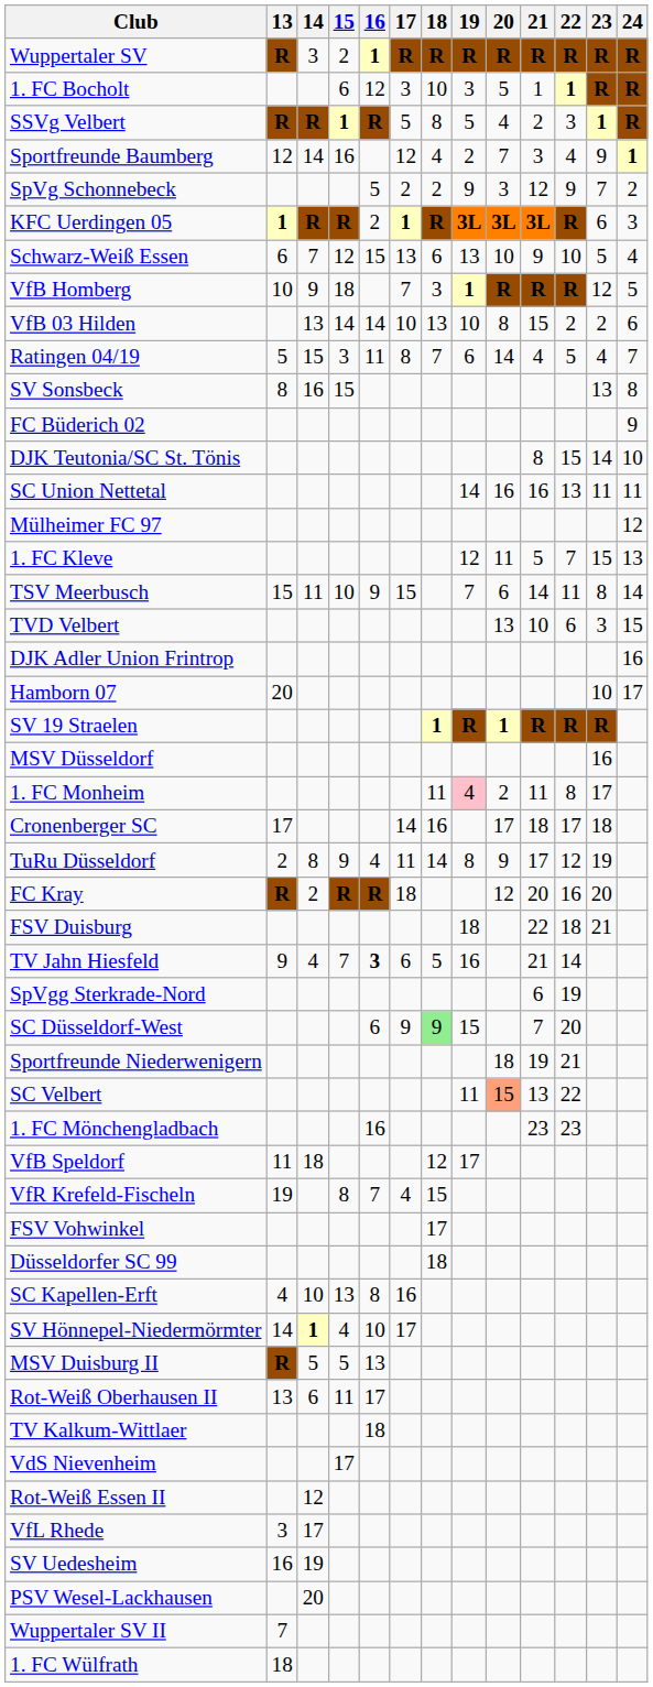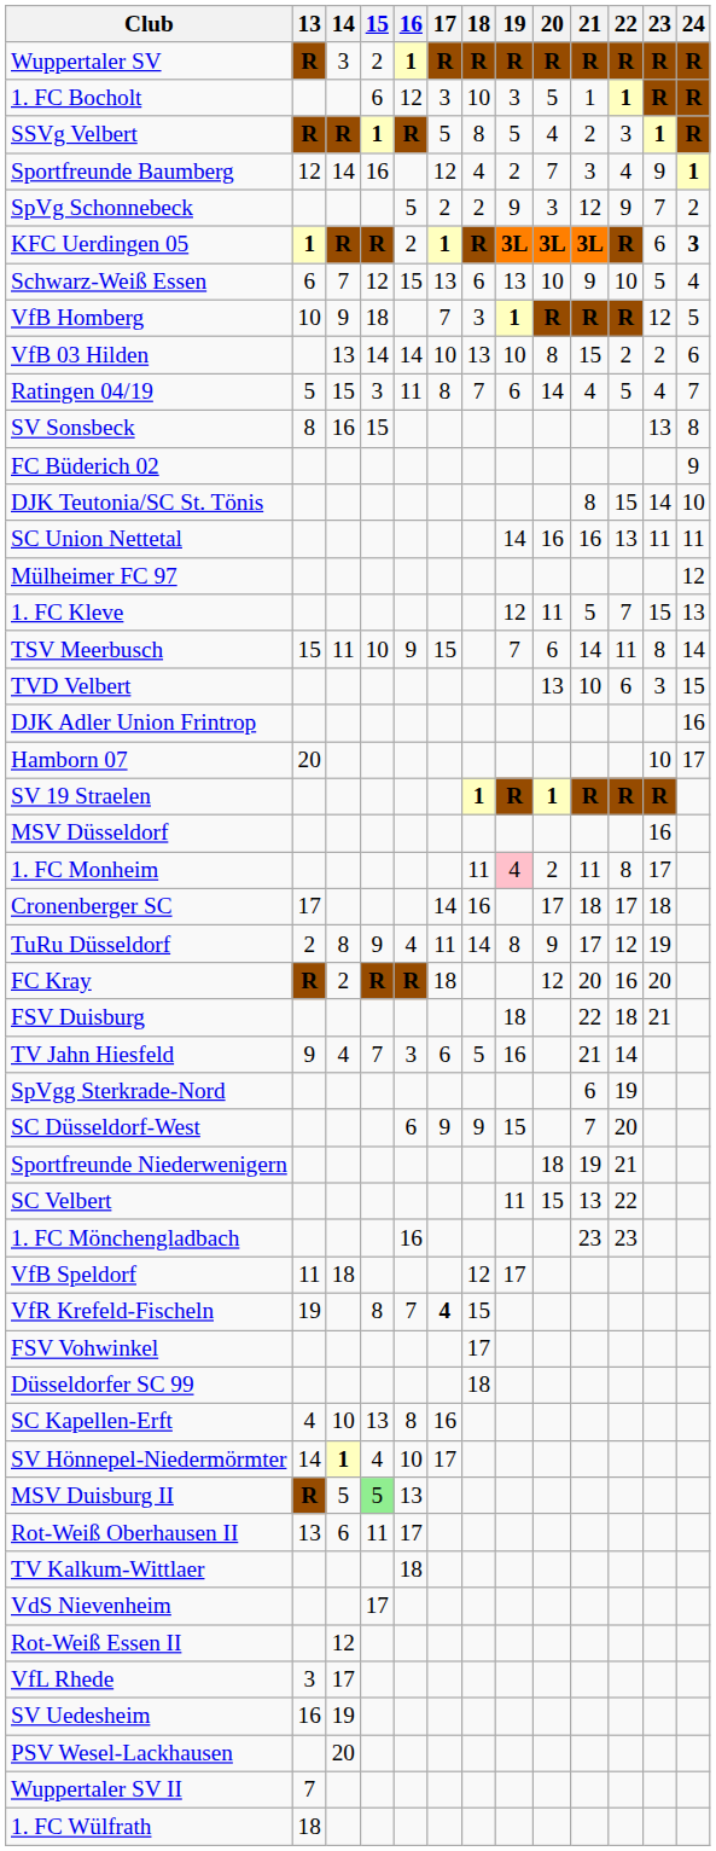 <table class="wikitable">
 <tr>
 <th>Club</th>
 <th>13</th>
 <th>14</th>
 <th><a href='#'>15</a></th>
 <th><a href='#'>16</a></th>
 <th>17</th>
 <th>18</th>
 <th>19</th>
 <th>20</th>
 <th>21</th>
 <th>22</th>
 <th>23</th>
 <th>24</th>
 </tr>
 <tr style="text-align:center;">
 <td align="left"><a href='#'>Wuppertaler SV</a></td>
 <td style="background:#964B00"><strong>R</strong></td>
 <td>3</td>
 <td>2</td>
 <td style="background:#ffffbf"><strong>1</strong></td>
 <td style="background:#964B00"><strong>R</strong></td>
 <td style="background:#964B00"><strong>R</strong></td>
 <td style="background:#964B00"><strong>R</strong></td>
 <td style="background:#964B00"><strong>R</strong></td>
 <td style="background:#964B00"><strong>R</strong></td>
 <td style="background:#964B00"><strong>R</strong></td>
 <td style="background:#964B00"><strong>R</strong></td>
 <td style="background:#964B00"><strong>R</strong></td>
 </tr>
 <tr style="text-align:center;">
 <td align="left"><a href='#'>1. FC Bocholt</a></td>
 <td></td>
 <td></td>
 <td>6</td>
 <td>12</td>
 <td>3</td>
 <td>10</td>
 <td>3</td>
 <td>5</td>
 <td>1</td>
 <td style="background:#ffffbf"><strong>1</strong></td>
 <td style="background:#964B00"><strong>R</strong></td>
 <td style="background:#964B00"><strong>R</strong></td>
 </tr>
 <tr style="text-align:center;">
 <td align="left"><a href='#'>SSVg Velbert</a></td>
 <td style="background:#964B00"><strong>R</strong></td>
 <td style="background:#964B00"><strong>R</strong></td>
 <td style="background:#ffffbf"><strong>1</strong></td>
 <td style="background:#964B00"><strong>R</strong></td>
 <td>5</td>
 <td>8</td>
 <td>5</td>
 <td>4</td>
 <td>2</td>
 <td>3</td>
 <td style="background:#ffffbf"><strong>1</strong></td>
 <td style="background:#964B00"><strong>R</strong></td>
 </tr>
 <tr style="text-align:center;">
 <td align="left"><a href='#'>Sportfreunde Baumberg</a></td>
 <td>12</td>
 <td>14</td>
 <td>16</td>
 <td></td>
 <td>12</td>
 <td>4</td>
 <td>2</td>
 <td>7</td>
 <td>3</td>
 <td>4</td>
 <td>9</td>
 <td style="background:#ffffbf"><strong>1</strong></td>
 </tr>
 <tr style="text-align:center;">
 <td align="left"><a href='#'>SpVg Schonnebeck</a></td>
 <td></td>
 <td></td>
 <td></td>
 <td>5</td>
 <td>2</td>
 <td>2</td>
 <td>9</td>
 <td>3</td>
 <td>12</td>
 <td>9</td>
 <td>7</td>
 <td>2</td>
 </tr>
 <tr style="text-align:center;">
 <td align="left"><a href='#'>KFC Uerdingen 05</a></td>
 <td style="background:#ffffbf"><strong>1</strong></td>
 <td style="background:#964B00"><strong>R</strong></td>
 <td style="background:#964B00"><strong>R</strong></td>
 <td>2</td>
 <td style="background:#ffffbf"><strong>1</strong></td>
 <td style="background:#964B00"><strong>R</strong></td>
 <td style="background:#FF7F00"><strong>3L</strong></td>
 <td style="background:#FF7F00"><strong>3L</strong></td>
 <td style="background:#FF7F00"><strong>3L</strong></td>
 <td style="background:#964B00"><strong>R</strong></td>
 <td>6</td>
-<td>3</td>
+<td><strong>3</strong></td>
 </tr>
 <tr style="text-align:center;">
 <td align="left"><a href='#'>Schwarz-Weiß Essen</a></td>
 <td>6</td>
 <td>7</td>
 <td>12</td>
 <td>15</td>
 <td>13</td>
 <td>6</td>
 <td>13</td>
 <td>10</td>
 <td>9</td>
 <td>10</td>
 <td>5</td>
 <td>4</td>
 </tr>
 <tr style="text-align:center;">
 <td align="left"><a href='#'>VfB Homberg</a></td>
 <td>10</td>
 <td>9</td>
 <td>18</td>
 <td></td>
 <td>7</td>
 <td>3</td>
 <td style="background:#ffffbf"><strong>1</strong></td>
 <td style="background:#964B00"><strong>R</strong></td>
 <td style="background:#964B00"><strong>R</strong></td>
 <td style="background:#964B00"><strong>R</strong></td>
 <td>12</td>
 <td>5</td>
 </tr>
 <tr style="text-align:center;">
 <td align="left"><a href='#'>VfB 03 Hilden</a></td>
 <td></td>
 <td>13</td>
 <td>14</td>
 <td>14</td>
 <td>10</td>
 <td>13</td>
 <td>10</td>
 <td>8</td>
 <td>15</td>
 <td>2</td>
 <td>2</td>
 <td>6</td>
 </tr>
 <tr style="text-align:center;">
 <td align="left"><a href='#'>Ratingen 04/19</a></td>
 <td>5</td>
 <td>15</td>
 <td>3</td>
 <td>11</td>
 <td>8</td>
 <td>7</td>
 <td>6</td>
 <td>14</td>
 <td>4</td>
 <td>5</td>
 <td>4</td>
 <td>7</td>
 </tr>
 <tr style="text-align:center;">
 <td align="left"><a href='#'>SV Sonsbeck</a></td>
 <td>8</td>
 <td>16</td>
 <td>15</td>
 <td></td>
 <td></td>
 <td></td>
 <td></td>
 <td></td>
 <td></td>
 <td></td>
 <td>13</td>
 <td>8</td>
 </tr>
 <tr style="text-align:center;">
 <td align="left"><a href='#'>FC Büderich 02</a></td>
 <td></td>
 <td></td>
 <td></td>
 <td></td>
 <td></td>
 <td></td>
 <td></td>
 <td></td>
 <td></td>
 <td></td>
 <td></td>
 <td>9</td>
 </tr>
 <tr style="text-align:center;">
 <td align="left"><a href='#'>DJK Teutonia/SC St. Tönis</a></td>
 <td></td>
 <td></td>
 <td></td>
 <td></td>
 <td></td>
 <td></td>
 <td></td>
 <td></td>
 <td>8</td>
 <td>15</td>
 <td>14</td>
 <td>10</td>
 </tr>
 <tr style="text-align:center;">
 <td align="left"><a href='#'>SC Union Nettetal</a></td>
 <td></td>
 <td></td>
 <td></td>
 <td></td>
 <td></td>
 <td></td>
 <td>14</td>
 <td>16</td>
 <td>16</td>
 <td>13</td>
 <td>11</td>
 <td>11</td>
 </tr>
 <tr style="text-align:center;">
 <td align="left"><a href='#'>Mülheimer FC 97</a></td>
 <td></td>
 <td></td>
 <td></td>
 <td></td>
 <td></td>
 <td></td>
 <td></td>
 <td></td>
 <td></td>
 <td></td>
 <td></td>
 <td>12</td>
 </tr>
 <tr style="text-align:center;">
 <td align="left"><a href='#'>1. FC Kleve</a></td>
 <td></td>
 <td></td>
 <td></td>
 <td></td>
 <td></td>
 <td></td>
 <td>12</td>
 <td>11</td>
 <td>5</td>
 <td>7</td>
 <td>15</td>
 <td>13</td>
 </tr>
 <tr style="text-align:center;">
 <td align="left"><a href='#'>TSV Meerbusch</a></td>
 <td>15</td>
 <td>11</td>
 <td>10</td>
 <td>9</td>
 <td>15</td>
 <td></td>
 <td>7</td>
 <td>6</td>
 <td>14</td>
 <td>11</td>
 <td>8</td>
 <td>14</td>
 </tr>
 <tr style="text-align:center;">
 <td align="left"><a href='#'>TVD Velbert</a></td>
 <td></td>
 <td></td>
 <td></td>
 <td></td>
 <td></td>
 <td></td>
 <td></td>
 <td>13</td>
 <td>10</td>
 <td>6</td>
 <td>3</td>
 <td>15</td>
 </tr>
 <tr style="text-align:center;">
 <td align="left"><a href='#'>DJK Adler Union Frintrop</a></td>
 <td></td>
 <td></td>
 <td></td>
 <td></td>
 <td></td>
 <td></td>
 <td></td>
 <td></td>
 <td></td>
 <td></td>
 <td></td>
 <td>16</td>
 </tr>
 <tr style="text-align:center;">
 <td align="left"><a href='#'>Hamborn 07</a></td>
 <td>20</td>
 <td></td>
 <td></td>
 <td></td>
 <td></td>
 <td></td>
 <td></td>
 <td></td>
 <td></td>
 <td></td>
 <td>10</td>
 <td>17</td>
 </tr>
 <tr style="text-align:center;">
 <td align="left"><a href='#'>SV 19 Straelen</a></td>
 <td></td>
 <td></td>
 <td></td>
 <td></td>
 <td></td>
 <td style="background:#ffffbf"><strong>1</strong></td>
 <td style="background:#964B00"><strong>R</strong></td>
 <td style="background:#ffffbf"><strong>1</strong></td>
 <td style="background:#964B00"><strong>R</strong></td>
 <td style="background:#964B00"><strong>R</strong></td>
 <td style="background:#964B00"><strong>R</strong></td>
 <td></td>
 </tr>
 <tr style="text-align:center;">
 <td align="left"><a href='#'>MSV Düsseldorf</a></td>
 <td></td>
 <td></td>
 <td></td>
 <td></td>
 <td></td>
 <td></td>
 <td></td>
 <td></td>
 <td></td>
 <td></td>
 <td>16</td>
 <td></td>
 </tr>
 <tr style="text-align:center;">
 <td align="left"><a href='#'>1. FC Monheim</a></td>
 <td></td>
 <td></td>
 <td></td>
 <td></td>
 <td></td>
 <td>11</td>
 <td style="background: pink;">4</td>
 <td>2</td>
 <td>11</td>
 <td>8</td>
 <td>17</td>
 <td></td>
 </tr>
 <tr style="text-align:center;">
 <td align="left"><a href='#'>Cronenberger SC</a></td>
 <td>17</td>
 <td></td>
 <td></td>
 <td></td>
 <td>14</td>
 <td>16</td>
 <td></td>
 <td>17</td>
 <td>18</td>
 <td>17</td>
 <td>18</td>
 <td></td>
 </tr>
 <tr style="text-align:center;">
 <td align="left"><a href='#'>TuRu Düsseldorf</a></td>
 <td>2</td>
 <td>8</td>
 <td>9</td>
 <td>4</td>
 <td>11</td>
 <td>14</td>
 <td>8</td>
 <td>9</td>
 <td>17</td>
 <td>12</td>
 <td>19</td>
 <td></td>
 </tr>
 <tr style="text-align:center;">
 <td align="left"><a href='#'>FC Kray</a></td>
 <td style="background:#964B00"><strong>R</strong></td>
 <td>2</td>
 <td style="background:#964B00"><strong>R</strong></td>
 <td style="background:#964B00"><strong>R</strong></td>
 <td>18</td>
 <td></td>
 <td></td>
 <td>12</td>
 <td>20</td>
 <td>16</td>
 <td>20</td>
 <td></td>
 </tr>
 <tr style="text-align:center;">
 <td align="left"><a href='#'>FSV Duisburg</a></td>
 <td></td>
 <td></td>
 <td></td>
 <td></td>
 <td></td>
 <td></td>
 <td>18</td>
 <td></td>
 <td>22</td>
 <td>18</td>
 <td>21</td>
 <td></td>
 </tr>
 <tr style="text-align:center;">
 <td align="left"><a href='#'>TV Jahn Hiesfeld</a></td>
 <td>9</td>
 <td>4</td>
 <td>7</td>
-<td><strong>3</strong></td>
+<td>3</td>
 <td>6</td>
 <td>5</td>
 <td>16</td>
 <td></td>
 <td>21</td>
 <td>14</td>
 <td></td>
 <td></td>
 </tr>
 <tr style="text-align:center;">
 <td align="left"><a href='#'>SpVgg Sterkrade-Nord</a></td>
 <td></td>
 <td></td>
 <td></td>
 <td></td>
 <td></td>
 <td></td>
 <td></td>
 <td></td>
 <td>6</td>
 <td>19</td>
 <td></td>
 <td></td>
 </tr>
 <tr style="text-align:center;">
 <td align="left"><a href='#'>SC Düsseldorf-West</a></td>
 <td></td>
 <td></td>
 <td></td>
 <td>6</td>
 <td>9</td>
-<td style="background: lightgreen;">9</td>
+<td>9</td>
 <td>15</td>
 <td></td>
 <td>7</td>
 <td>20</td>
 <td></td>
 <td></td>
 </tr>
 <tr style="text-align:center;">
 <td align="left"><a href='#'>Sportfreunde Niederwenigern</a></td>
 <td></td>
 <td></td>
 <td></td>
 <td></td>
 <td></td>
 <td></td>
 <td></td>
 <td>18</td>
 <td>19</td>
 <td>21</td>
 <td></td>
 <td></td>
 </tr>
 <tr style="text-align:center;">
 <td align="left"><a href='#'>SC Velbert</a></td>
 <td></td>
 <td></td>
 <td></td>
 <td></td>
 <td></td>
 <td></td>
 <td>11</td>
-<td style="background: lightsalmon;">15</td>
+<td>15</td>
 <td>13</td>
 <td>22</td>
 <td></td>
 <td></td>
 </tr>
 <tr style="text-align:center;">
 <td align="left"><a href='#'>1. FC Mönchengladbach</a></td>
 <td></td>
 <td></td>
 <td></td>
 <td>16</td>
 <td></td>
 <td></td>
 <td></td>
 <td></td>
 <td>23</td>
 <td>23</td>
 <td></td>
 <td></td>
 </tr>
 <tr style="text-align:center;">
 <td align="left"><a href='#'>VfB Speldorf</a></td>
 <td>11</td>
 <td>18</td>
 <td></td>
 <td></td>
 <td></td>
 <td>12</td>
 <td>17</td>
 <td></td>
 <td></td>
 <td></td>
 <td></td>
 <td></td>
 </tr>
 <tr style="text-align:center;">
 <td align="left"><a href='#'>VfR Krefeld-Fischeln</a></td>
 <td>19</td>
 <td></td>
 <td>8</td>
 <td>7</td>
-<td>4</td>
+<td><strong>4</strong></td>
 <td>15</td>
 <td></td>
 <td></td>
 <td></td>
 <td></td>
 <td></td>
 <td></td>
 </tr>
 <tr style="text-align:center;">
 <td align="left"><a href='#'>FSV Vohwinkel</a></td>
 <td></td>
 <td></td>
 <td></td>
 <td></td>
 <td></td>
 <td>17</td>
 <td></td>
 <td></td>
 <td></td>
 <td></td>
 <td></td>
 <td></td>
 </tr>
 <tr style="text-align:center;">
 <td align="left"><a href='#'>Düsseldorfer SC 99</a></td>
 <td></td>
 <td></td>
 <td></td>
 <td></td>
 <td></td>
 <td>18</td>
 <td></td>
 <td></td>
 <td></td>
 <td></td>
 <td></td>
 <td></td>
 </tr>
 <tr style="text-align:center;">
 <td align="left"><a href='#'>SC Kapellen-Erft</a></td>
 <td>4</td>
 <td>10</td>
 <td>13</td>
 <td>8</td>
 <td>16</td>
 <td></td>
 <td></td>
 <td></td>
 <td></td>
 <td></td>
 <td></td>
 <td></td>
 </tr>
 <tr style="text-align:center;">
 <td align="left"><a href='#'>SV Hönnepel-Niedermörmter</a></td>
 <td>14</td>
 <td style="background:#ffffbf"><strong>1</strong></td>
 <td>4</td>
 <td>10</td>
 <td>17</td>
 <td></td>
 <td></td>
 <td></td>
 <td></td>
 <td></td>
 <td></td>
 <td></td>
 </tr>
 <tr style="text-align:center;">
 <td align="left"><a href='#'>MSV Duisburg II</a></td>
 <td style="background:#964B00"><strong>R</strong></td>
 <td>5</td>
-<td>5</td>
+<td style="background: lightgreen;">5</td>
 <td>13</td>
 <td></td>
 <td></td>
 <td></td>
 <td></td>
 <td></td>
 <td></td>
 <td></td>
 <td></td>
 </tr>
 <tr style="text-align:center;">
 <td align="left"><a href='#'>Rot-Weiß Oberhausen II</a></td>
 <td>13</td>
 <td>6</td>
 <td>11</td>
 <td>17</td>
 <td></td>
 <td></td>
 <td></td>
 <td></td>
 <td></td>
 <td></td>
 <td></td>
 <td></td>
 </tr>
 <tr style="text-align:center;">
 <td align="left"><a href='#'>TV Kalkum-Wittlaer</a></td>
 <td></td>
 <td></td>
 <td></td>
 <td>18</td>
 <td></td>
 <td></td>
 <td></td>
 <td></td>
 <td></td>
 <td></td>
 <td></td>
 <td></td>
 </tr>
 <tr style="text-align:center;">
 <td align="left"><a href='#'>VdS Nievenheim</a></td>
 <td></td>
 <td></td>
 <td>17</td>
 <td></td>
 <td></td>
 <td></td>
 <td></td>
 <td></td>
 <td></td>
 <td></td>
 <td></td>
 <td></td>
 </tr>
 <tr style="text-align:center;">
 <td align="left"><a href='#'>Rot-Weiß Essen II</a></td>
 <td></td>
 <td>12</td>
 <td></td>
 <td></td>
 <td></td>
 <td></td>
 <td></td>
 <td></td>
 <td></td>
 <td></td>
 <td></td>
 <td></td>
 </tr>
 <tr style="text-align:center;">
 <td align="left"><a href='#'>VfL Rhede</a></td>
 <td>3</td>
 <td>17</td>
 <td></td>
 <td></td>
 <td></td>
 <td></td>
 <td></td>
 <td></td>
 <td></td>
 <td></td>
 <td></td>
 <td></td>
 </tr>
 <tr style="text-align:center;">
 <td align="left"><a href='#'>SV Uedesheim</a></td>
 <td>16</td>
 <td>19</td>
 <td></td>
 <td></td>
 <td></td>
 <td></td>
 <td></td>
 <td></td>
 <td></td>
 <td></td>
 <td></td>
 <td></td>
 </tr>
 <tr style="text-align:center;">
 <td align="left"><a href='#'>PSV Wesel-Lackhausen</a></td>
 <td></td>
 <td>20</td>
 <td></td>
 <td></td>
 <td></td>
 <td></td>
 <td></td>
 <td></td>
 <td></td>
 <td></td>
 <td></td>
 <td></td>
 </tr>
 <tr style="text-align:center;">
 <td align="left"><a href='#'>Wuppertaler SV II</a></td>
 <td>7</td>
 <td></td>
 <td></td>
 <td></td>
 <td></td>
 <td></td>
 <td></td>
 <td></td>
 <td></td>
 <td></td>
 <td></td>
 <td></td>
 </tr>
 <tr style="text-align:center;">
 <td align="left"><a href='#'>1. FC Wülfrath</a></td>
 <td>18</td>
 <td></td>
 <td></td>
 <td></td>
 <td></td>
 <td></td>
 <td></td>
 <td></td>
 <td></td>
 <td></td>
 <td></td>
 <td></td>
 </tr>
 </table>
